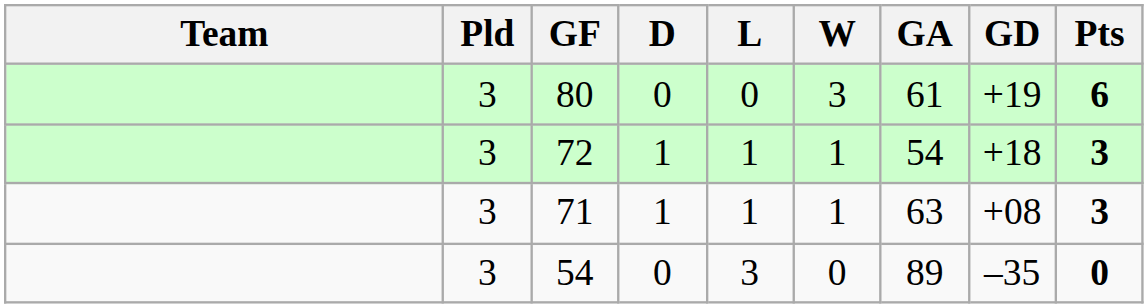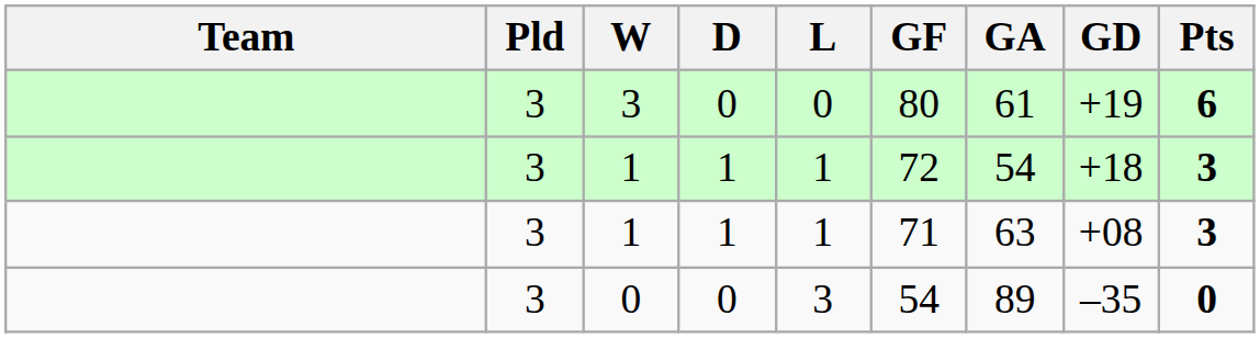 <table class="wikitable" style="text-align: center;">
 <tr>
 <th width="180">Team</th>
 <th width="30">Pld</th>
-<th width="30">GF</th>
+<th width="30">W</th>
 <th width="30">D</th>
 <th width="30">L</th>
-<th width="30">W</th>
+<th width="30">GF</th>
 <th width="30">GA</th>
 <th width="30">GD</th>
 <th width="30">Pts</th>
 </tr>
 <tr align=center bgcolor=ccffcc>
 <td align="left"></td>
 <td>3</td>
-<td>80</td>
+<td>3</td>
 <td>0</td>
 <td>0</td>
-<td>3</td>
+<td>80</td>
 <td>61</td>
 <td>+19</td>
 <td><strong>6</strong></td>
 </tr>
 <tr align=center bgcolor=ccffcc>
 <td align="left"></td>
 <td>3</td>
-<td>72</td>
 <td>1</td>
 <td>1</td>
 <td>1</td>
+<td>72</td>
 <td>54</td>
 <td>+18</td>
 <td><strong>3</strong></td>
 </tr>
 <tr>
 <td align="left"></td>
 <td>3</td>
-<td>71</td>
 <td>1</td>
 <td>1</td>
 <td>1</td>
+<td>71</td>
 <td>63</td>
 <td>+08</td>
 <td><strong>3</strong></td>
 </tr>
 <tr>
 <td align="left"></td>
 <td>3</td>
-<td>54</td>
+<td>0</td>
 <td>0</td>
 <td>3</td>
-<td>0</td>
+<td>54</td>
 <td>89</td>
 <td>–35</td>
 <td><strong>0</strong></td>
 </tr>
 </table>
